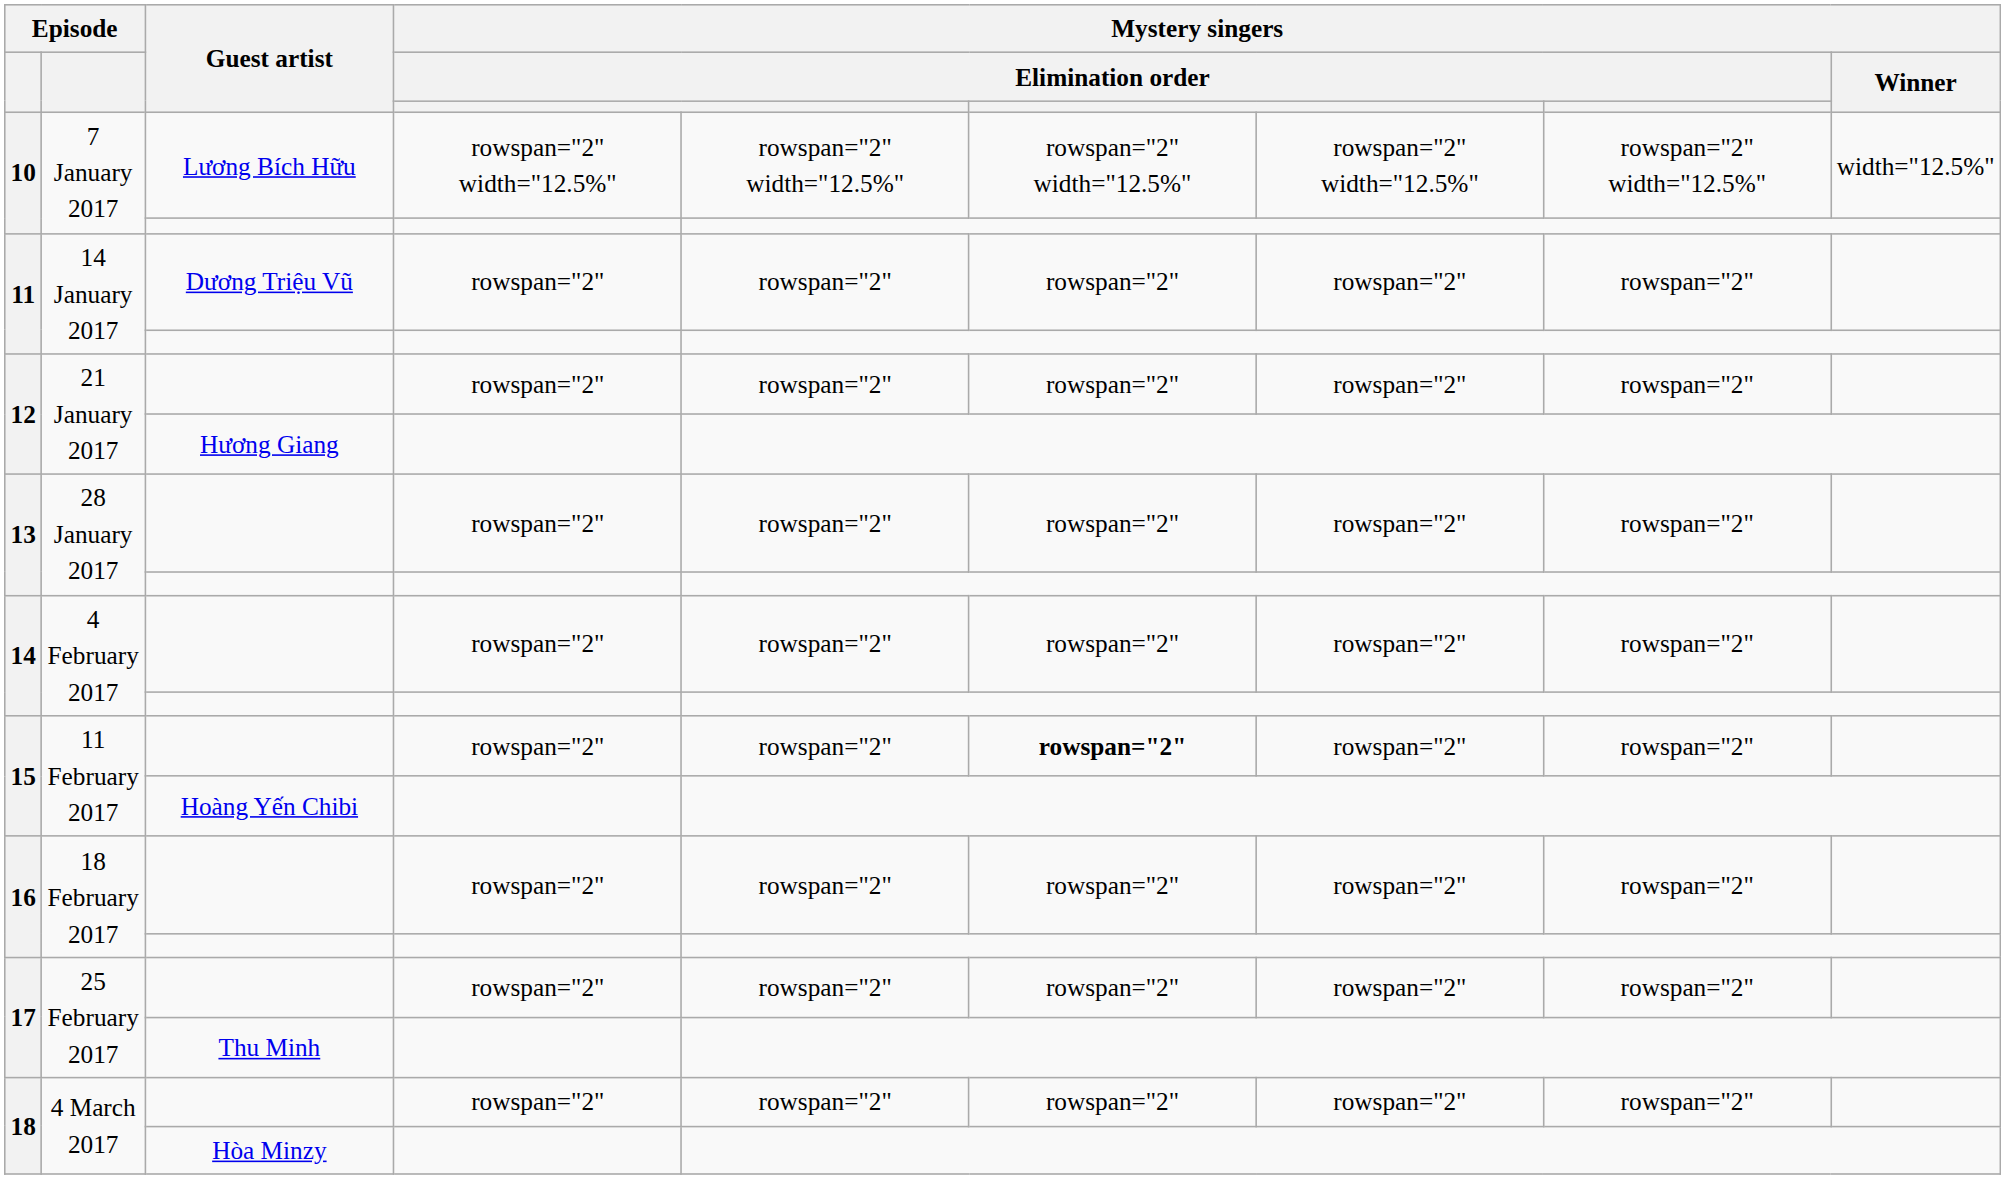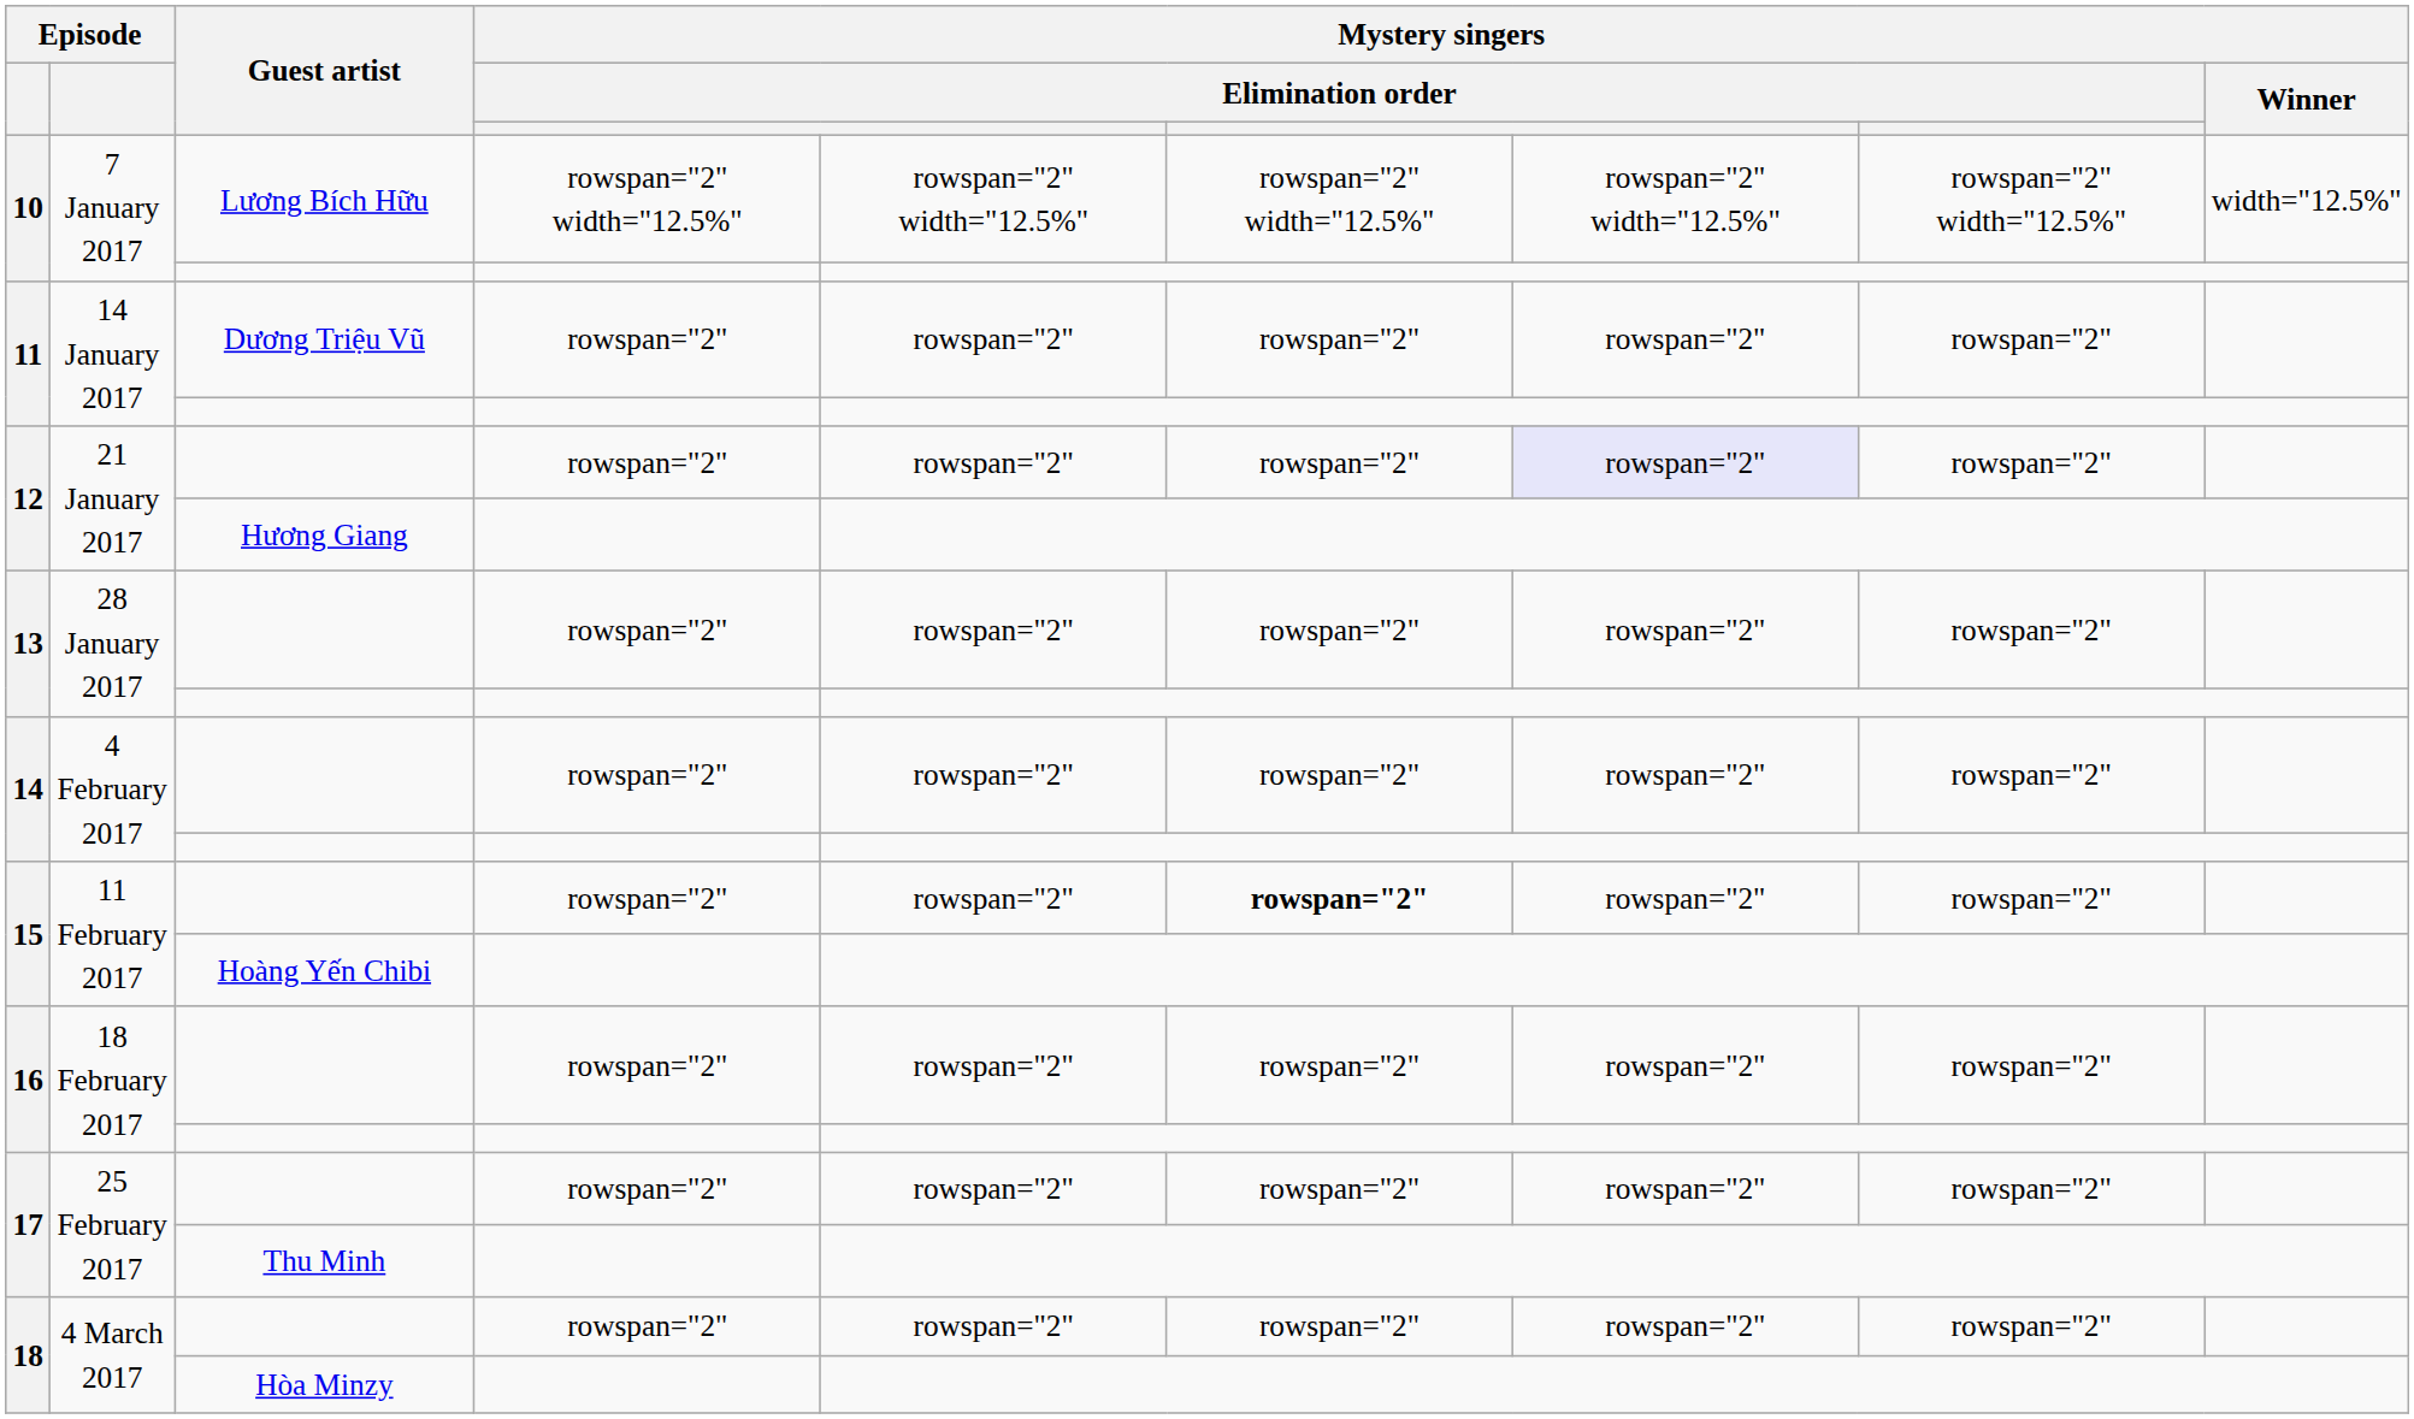 <table class="wikitable plainrowheaders mw-collapsible" style="text-align:center; line-height:23px; width:100%;">
 <tr>
 <th colspan="2" width="1%">Episode</th>
 <th rowspan="3" width="12.5%">Guest artist</th>
 <th colspan="6">Mystery singers<br></th>
 </tr>
 <tr>
 <th rowspan="2"></th>
 <th rowspan="2"></th>
 <th colspan="5">Elimination order</th>
 <th rowspan="2">Winner</th>
 </tr>
 <tr>
 <th colspan="2"></th>
 <th colspan="2"></th>
 <th></th>
 </tr>
 <tr>
 <th rowspan="2">10</th>
 <td rowspan="2">7 January 2017</td>
 <td><a href='#'>Lương Bích Hữu</a></td>
 <td>rowspan="2" width="12.5%" </td>
 <td>rowspan="2" width="12.5%" </td>
 <td>rowspan="2" width="12.5%" </td>
 <td>rowspan="2" width="12.5%" </td>
 <td>rowspan="2" width="12.5%" </td>
 <td>width="12.5%" </td>
 </tr>
 <tr>
 <td></td>
 <td></td>
 </tr>
 <tr>
 <th rowspan="2">11</th>
 <td rowspan="2">14 January 2017</td>
 <td><a href='#'>Dương Triệu Vũ</a></td>
 <td>rowspan="2" </td>
 <td>rowspan="2" </td>
 <td>rowspan="2" </td>
 <td>rowspan="2" </td>
 <td>rowspan="2" </td>
 <td></td>
 </tr>
 <tr>
 <td></td>
 <td></td>
 </tr>
 <tr>
 <th rowspan="2">12</th>
 <td rowspan="2">21 January 2017</td>
 <td></td>
 <td>rowspan="2" </td>
 <td>rowspan="2" </td>
 <td>rowspan="2" </td>
-<td>rowspan="2" </td>
+<td style="background: lavender;">rowspan="2" </td>
 <td>rowspan="2" </td>
 <td></td>
 </tr>
 <tr>
 <td><a href='#'>Hương Giang</a></td>
 <td></td>
 </tr>
 <tr>
 <th rowspan="2">13</th>
 <td rowspan="2">28 January 2017</td>
 <td></td>
 <td>rowspan="2" </td>
 <td>rowspan="2" </td>
 <td>rowspan="2" </td>
 <td>rowspan="2" </td>
 <td>rowspan="2" </td>
 <td></td>
 </tr>
 <tr>
 <td></td>
 <td></td>
 </tr>
 <tr>
 <th rowspan="2">14</th>
 <td rowspan="2">4 February 2017</td>
 <td></td>
 <td>rowspan="2" </td>
 <td>rowspan="2" </td>
 <td>rowspan="2" </td>
 <td>rowspan="2" </td>
 <td>rowspan="2" </td>
 <td></td>
 </tr>
 <tr>
 <td></td>
 <td></td>
 </tr>
 <tr>
 <th rowspan="2">15</th>
 <td rowspan="2">11 February 2017</td>
 <td></td>
 <td>rowspan="2" </td>
 <td>rowspan="2" </td>
 <td><strong>rowspan="2" </strong></td>
 <td>rowspan="2" </td>
 <td>rowspan="2" </td>
 <td></td>
 </tr>
 <tr>
 <td><a href='#'>Hoàng Yến Chibi</a></td>
 <td></td>
 </tr>
 <tr>
 <th rowspan="2">16</th>
 <td rowspan="2">18 February 2017</td>
 <td></td>
 <td>rowspan="2" </td>
 <td>rowspan="2" </td>
 <td>rowspan="2" </td>
 <td>rowspan="2" </td>
 <td>rowspan="2" </td>
 <td></td>
 </tr>
 <tr>
 <td></td>
 <td></td>
 </tr>
 <tr>
 <th rowspan="2">17</th>
 <td rowspan="2">25 February 2017</td>
 <td></td>
 <td>rowspan="2" </td>
 <td>rowspan="2" </td>
 <td>rowspan="2" </td>
 <td>rowspan="2" </td>
 <td>rowspan="2" </td>
 <td></td>
 </tr>
 <tr>
 <td><a href='#'>Thu Minh</a></td>
 <td></td>
 </tr>
 <tr>
 <th rowspan="2">18</th>
 <td rowspan="2">4 March 2017</td>
 <td></td>
 <td>rowspan="2" </td>
 <td>rowspan="2" </td>
 <td>rowspan="2" </td>
 <td>rowspan="2" </td>
 <td>rowspan="2" </td>
 <td></td>
 </tr>
 <tr>
 <td><a href='#'>Hòa Minzy</a></td>
 <td></td>
 </tr>
 </table>
